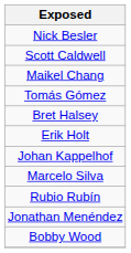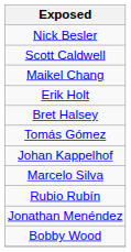 <table class="wikitable" style="text-align:center">
 <tr>
 <th>Exposed</th>
 </tr>
 <tr>
 <td><a href='#'>Nick Besler</a></td>
 </tr>
 <tr>
 <td><a href='#'>Scott Caldwell</a></td>
 </tr>
 <tr>
 <td><a href='#'>Maikel Chang</a></td>
 </tr>
 <tr>
-<td><a href='#'>Tomás Gómez</a></td>
+<td><a href='#'>Erik Holt</a></td>
 </tr>
 <tr>
 <td><a href='#'>Bret Halsey</a></td>
 </tr>
 <tr>
-<td><a href='#'>Erik Holt</a></td>
+<td><a href='#'>Tomás Gómez</a></td>
 </tr>
 <tr>
 <td><a href='#'>Johan Kappelhof</a></td>
 </tr>
 <tr>
 <td><a href='#'>Marcelo Silva</a></td>
 </tr>
 <tr>
 <td><a href='#'>Rubio Rubín</a></td>
 </tr>
 <tr>
 <td><a href='#'>Jonathan Menéndez</a></td>
 </tr>
 <tr>
 <td><a href='#'>Bobby Wood</a></td>
 </tr>
 <tr>
 </tr>
 </table>
